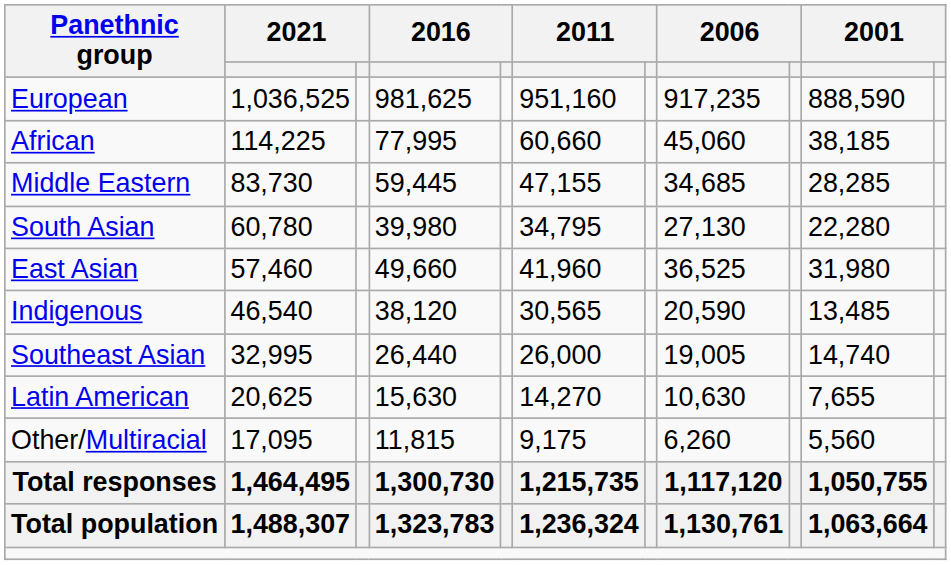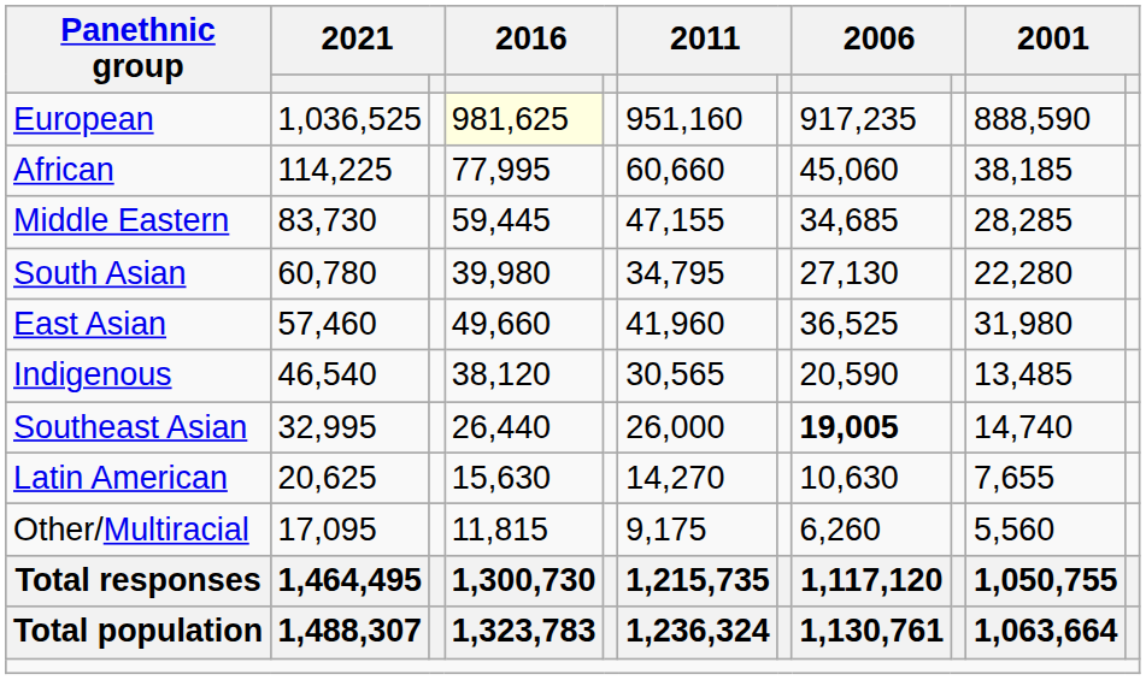 <table class="wikitable collapsible sortable">
 <tr>
 <th rowspan="2"><a href='#'>Panethnic</a><br>group</th>
 <th colspan="2">2021</th>
 <th colspan="2">2016</th>
 <th colspan="2">2011</th>
 <th colspan="2">2006</th>
 <th colspan="2">2001</th>
 </tr>
 <tr>
 <th><a href='#'></a></th>
 <th></th>
 <th></th>
 <th></th>
 <th></th>
 <th></th>
 <th></th>
 <th></th>
 <th></th>
 <th></th>
 </tr>
 <tr>
 <td><a href='#'>European</a></td>
 <td>1,036,525</td>
 <td></td>
-<td>981,625</td>
+<td style="background: lightyellow;">981,625</td>
 <td></td>
 <td>951,160</td>
 <td></td>
 <td>917,235</td>
 <td></td>
 <td>888,590</td>
 <td></td>
 </tr>
 <tr>
 <td><a href='#'>African</a></td>
 <td>114,225</td>
 <td></td>
 <td>77,995</td>
 <td></td>
 <td>60,660</td>
 <td></td>
 <td>45,060</td>
 <td></td>
 <td>38,185</td>
 <td></td>
 </tr>
 <tr>
 <td><a href='#'>Middle Eastern</a></td>
 <td>83,730</td>
 <td></td>
 <td>59,445</td>
 <td></td>
 <td>47,155</td>
 <td></td>
 <td>34,685</td>
 <td></td>
 <td>28,285</td>
 <td></td>
 </tr>
 <tr>
 <td><a href='#'>South Asian</a></td>
 <td>60,780</td>
 <td></td>
 <td>39,980</td>
 <td></td>
 <td>34,795</td>
 <td></td>
 <td>27,130</td>
 <td></td>
 <td>22,280</td>
 <td></td>
 </tr>
 <tr>
 <td><a href='#'>East Asian</a></td>
 <td>57,460</td>
 <td></td>
 <td>49,660</td>
 <td></td>
 <td>41,960</td>
 <td></td>
 <td>36,525</td>
 <td></td>
 <td>31,980</td>
 <td></td>
 </tr>
 <tr>
 <td><a href='#'>Indigenous</a></td>
 <td>46,540</td>
 <td></td>
 <td>38,120</td>
 <td></td>
 <td>30,565</td>
 <td></td>
 <td>20,590</td>
 <td></td>
 <td>13,485</td>
 <td></td>
 </tr>
 <tr>
 <td><a href='#'>Southeast Asian</a></td>
 <td>32,995</td>
 <td></td>
 <td>26,440</td>
 <td></td>
 <td>26,000</td>
 <td></td>
-<td>19,005</td>
+<td><strong>19,005</strong></td>
 <td></td>
 <td>14,740</td>
 <td></td>
 </tr>
 <tr>
 <td><a href='#'>Latin American</a></td>
 <td>20,625</td>
 <td></td>
 <td>15,630</td>
 <td></td>
 <td>14,270</td>
 <td></td>
 <td>10,630</td>
 <td></td>
 <td>7,655</td>
 <td></td>
 </tr>
 <tr>
 <td>Other/<a href='#'>Multiracial</a></td>
 <td>17,095</td>
 <td></td>
 <td>11,815</td>
 <td></td>
 <td>9,175</td>
 <td></td>
 <td>6,260</td>
 <td></td>
 <td>5,560</td>
 <td></td>
 </tr>
 <tr>
 <th>Total responses</th>
 <th>1,464,495</th>
 <th></th>
 <th>1,300,730</th>
 <th></th>
 <th>1,215,735</th>
 <th></th>
 <th>1,117,120</th>
 <th></th>
 <th>1,050,755</th>
 <th></th>
 </tr>
 <tr>
 <th>Total population</th>
 <th>1,488,307</th>
 <th></th>
 <th>1,323,783</th>
 <th></th>
 <th>1,236,324</th>
 <th></th>
 <th>1,130,761</th>
 <th></th>
 <th>1,063,664</th>
 <th></th>
 </tr>
 <tr class="sortbottom">
 <td colspan="15"></td>
 </tr>
 </table>
